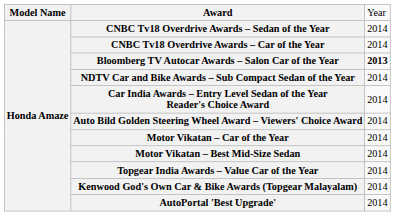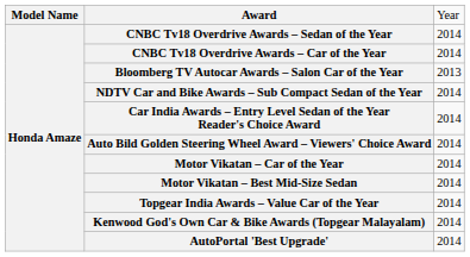 <table class="wikitable">
 <tr>
 <th>Model Name</th>
 <th>Award</th>
 <td>Year</td>
 </tr>
 <tr>
 <th rowspan="11">Honda Amaze</th>
 <th>CNBC Tv18 Overdrive Awards – Sedan of the Year</th>
 <td>2014</td>
 </tr>
 <tr>
 <th>CNBC Tv18 Overdrive Awards – Car of the Year</th>
 <td>2014</td>
 </tr>
 <tr>
 <th>Bloomberg TV Autocar Awards – Salon Car of the Year</th>
-<td><strong>2013</strong></td>
+<td>2013</td>
 </tr>
 <tr>
 <th>NDTV Car and Bike Awards – Sub Compact Sedan of the Year</th>
 <td>2014</td>
 </tr>
 <tr>
 <th>Car India Awards – Entry Level Sedan of the Year<br>Reader's Choice Award</th>
 <td>2014</td>
 </tr>
 <tr>
 <th>Auto Bild Golden Steering Wheel Award – Viewers' Choice Award</th>
 <td>2014</td>
 </tr>
 <tr>
 <th>Motor Vikatan – Car of the Year</th>
 <td>2014</td>
 </tr>
 <tr>
 <th>Motor Vikatan – Best Mid-Size Sedan</th>
 <td>2014</td>
 </tr>
 <tr>
 <th>Topgear India Awards – Value Car of the Year</th>
 <td>2014</td>
 </tr>
 <tr>
 <th>Kenwood God's Own Car & Bike Awards (Topgear Malayalam)</th>
 <td>2014</td>
 </tr>
 <tr>
 <th>AutoPortal 'Best Upgrade'</th>
 <td>2014</td>
 </tr>
 </table>
